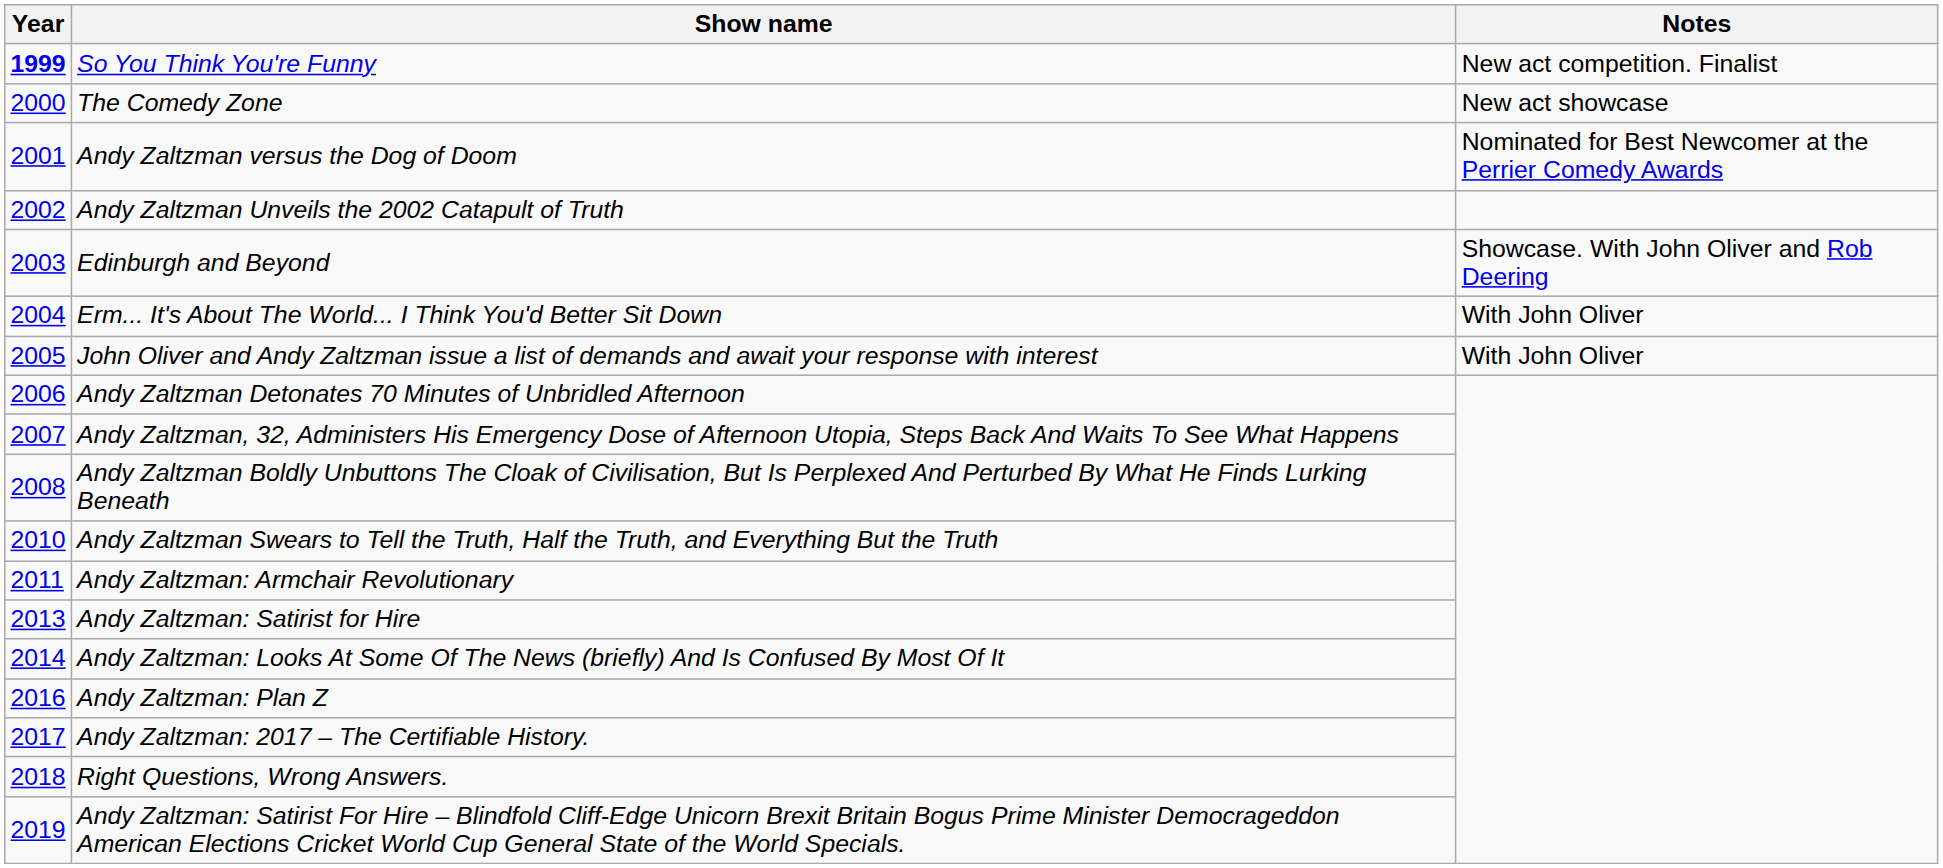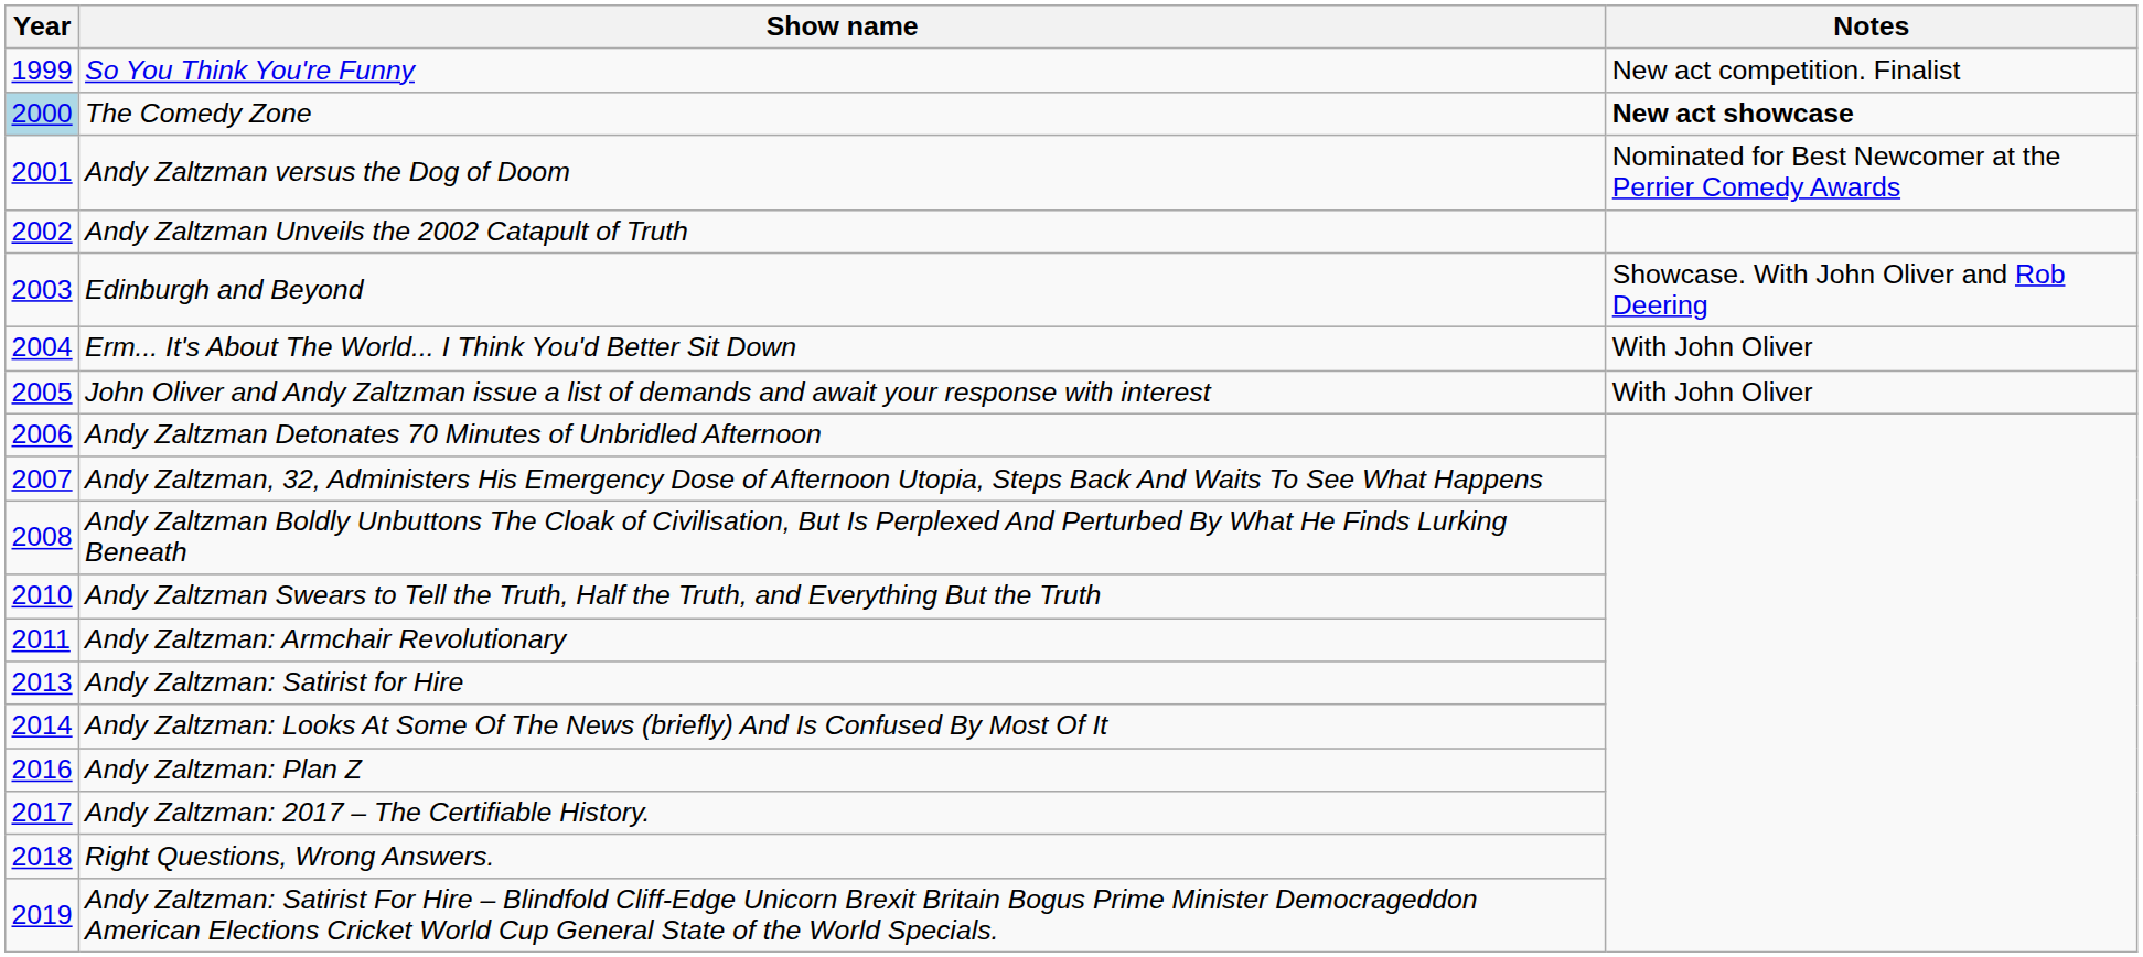 <table class="wikitable" border="1">
 <tr>
 <th>Year</th>
 <th>Show name</th>
 <th>Notes</th>
 </tr>
 <tr>
-<td><strong><a href='#'>1999</a></strong></td>
+<td><a href='#'>1999</a></td>
 <td><em><a href='#'>So You Think You're Funny</a></em></td>
 <td>New act competition. Finalist</td>
 </tr>
 <tr>
-<td><a href='#'>2000</a></td>
+<td style="background: lightblue;"><a href='#'>2000</a></td>
 <td><em>The Comedy Zone</em></td>
-<td>New act showcase</td>
+<td><strong>New act showcase</strong></td>
 </tr>
 <tr>
 <td><a href='#'>2001</a></td>
 <td><em>Andy Zaltzman versus the Dog of Doom</em></td>
 <td>Nominated for Best Newcomer at the <a href='#'>Perrier Comedy Awards</a></td>
 </tr>
 <tr>
 <td><a href='#'>2002</a></td>
 <td><em>Andy Zaltzman Unveils the 2002 Catapult of Truth</em></td>
 <td></td>
 </tr>
 <tr>
 <td><a href='#'>2003</a></td>
 <td><em>Edinburgh and Beyond</em></td>
 <td>Showcase. With John Oliver and <a href='#'>Rob Deering</a></td>
 </tr>
 <tr>
 <td><a href='#'>2004</a></td>
 <td><em>Erm... It's About The World... I Think You'd Better Sit Down</em></td>
 <td>With John Oliver</td>
 </tr>
 <tr>
 <td><a href='#'>2005</a></td>
 <td><em>John Oliver and Andy Zaltzman issue a list of demands and await your response with interest</em></td>
 <td>With John Oliver</td>
 </tr>
 <tr>
 <td><a href='#'>2006</a></td>
 <td><em>Andy Zaltzman Detonates 70 Minutes of Unbridled Afternoon</em></td>
 </tr>
 <tr>
 <td><a href='#'>2007</a></td>
 <td><em>Andy Zaltzman, 32, Administers His Emergency Dose of Afternoon Utopia, Steps Back And Waits To See What Happens</em></td>
 </tr>
 <tr>
 <td><a href='#'>2008</a></td>
 <td><em>Andy Zaltzman Boldly Unbuttons The Cloak of Civilisation, But Is Perplexed And Perturbed By What He Finds Lurking Beneath</em></td>
 </tr>
 <tr>
 <td><a href='#'>2010</a></td>
 <td><em>Andy Zaltzman Swears to Tell the Truth, Half the Truth, and Everything But the Truth</em></td>
 </tr>
 <tr>
 <td><a href='#'>2011</a></td>
 <td><em>Andy Zaltzman: Armchair Revolutionary</em></td>
 </tr>
 <tr>
 <td><a href='#'>2013</a></td>
 <td><em>Andy Zaltzman: Satirist for Hire</em></td>
 </tr>
 <tr>
 <td><a href='#'>2014</a></td>
 <td><em>Andy Zaltzman: Looks At Some Of The News (briefly) And Is Confused By Most Of It</em></td>
 </tr>
 <tr>
 <td><a href='#'>2016</a></td>
 <td><em>Andy Zaltzman: Plan Z</em></td>
 </tr>
 <tr>
 <td><a href='#'>2017</a></td>
 <td><em>Andy Zaltzman: 2017 – The Certifiable History.</em></td>
 </tr>
 <tr>
 <td><a href='#'>2018</a></td>
 <td><em>Right Questions, Wrong Answers.</em></td>
 </tr>
 <tr>
 <td><a href='#'>2019</a></td>
 <td><em>Andy Zaltzman: Satirist For Hire – Blindfold Cliff-Edge Unicorn Brexit Britain Bogus Prime Minister Democrageddon American Elections Cricket World Cup General State of the World Specials.</em></td>
 </tr>
 </table>
